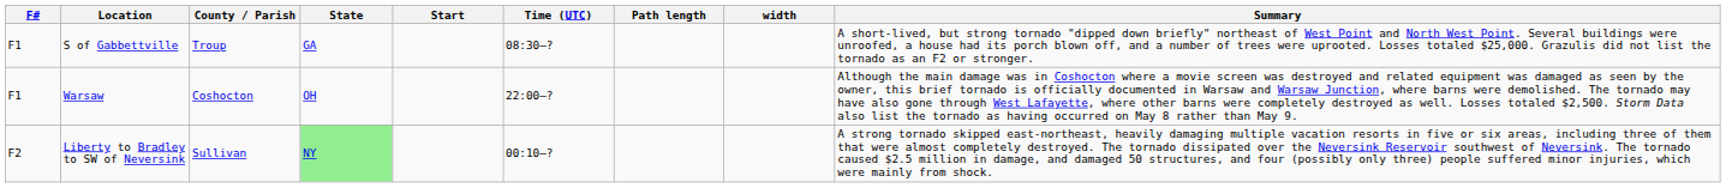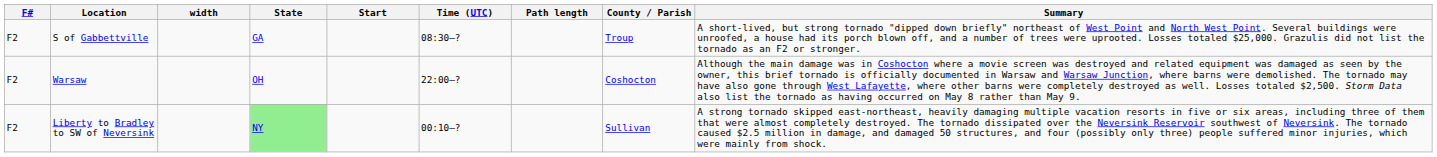 <table class="wikitable sortable" style="width:100%;">
 <tr>
 <th scope="col"  style="width:3%; text-align:center;"><a href='#'>F#</a></th>
 <th scope="col"  style="width:7%; text-align:center;" class="unsortable">Location</th>
-<th scope="col"  style="width:6%; text-align:center;" class="unsortable">County / Parish</th>
+<th scope="col"  style="width:6%; text-align:center;"> width</th>
 <th scope="col"  style="width:5%; text-align:center;">State</th>
 <th scope="col"  style="width:6%; text-align:center;">Start<br></th>
 <th scope="col"  style="width:6%; text-align:center;">Time (<a href='#'>UTC</a>)</th>
 <th scope="col"  style="width:6%; text-align:center;">Path length</th>
-<th scope="col"  style="width:6%; text-align:center;"> width</th>
+<th scope="col"  style="width:6%; text-align:center;" class="unsortable">County / Parish</th>
 <th scope="col" class="unsortable" style="width:48%; text-align:center;">Summary</th>
 </tr>
 <tr>
-<td>F1</td>
+<td>F2</td>
 <td>S of <a href='#'>Gabbettville</a></td>
-<td><a href='#'>Troup</a></td>
+<td></td>
 <td><a href='#'>GA</a></td>
 <td></td>
 <td>08:30–?</td>
 <td></td>
-<td></td>
+<td><a href='#'>Troup</a></td>
 <td>A short-lived, but strong tornado "dipped down briefly" northeast of <a href='#'>West Point</a> and <a href='#'>North West Point</a>. Several buildings were unroofed, a house had its porch blown off, and a number of trees were uprooted. Losses totaled $25,000. Grazulis did not list the tornado as an F2 or stronger.</td>
 </tr>
 <tr>
-<td>F1</td>
+<td>F2</td>
 <td><a href='#'>Warsaw</a></td>
-<td><a href='#'>Coshocton</a></td>
+<td></td>
 <td><a href='#'>OH</a></td>
 <td></td>
 <td>22:00–?</td>
 <td></td>
-<td></td>
+<td><a href='#'>Coshocton</a></td>
 <td>Although the main damage was in <a href='#'>Coshocton</a> where a movie screen was destroyed and related equipment was damaged as seen by the owner, this brief tornado is officially documented in Warsaw and <a href='#'>Warsaw Junction</a>, where barns were demolished. The tornado may have also gone through <a href='#'>West Lafayette</a>, where other barns were completely destroyed as well. Losses totaled $2,500. <em>Storm Data</em> also list the tornado as having occurred on May 8 rather than May 9.</td>
 </tr>
 <tr>
 <td>F2</td>
 <td><a href='#'>Liberty</a> to <a href='#'>Bradley</a> to SW of <a href='#'>Neversink</a></td>
-<td><a href='#'>Sullivan</a></td>
+<td></td>
 <td style="background: lightgreen;"><a href='#'>NY</a></td>
 <td></td>
 <td>00:10–?</td>
 <td></td>
-<td></td>
+<td><a href='#'>Sullivan</a></td>
 <td>A strong tornado skipped east-northeast, heavily damaging multiple vacation resorts in five or six areas, including three of them that were almost completely destroyed. The tornado dissipated over the <a href='#'>Neversink Reservoir</a> southwest of <a href='#'>Neversink</a>. The tornado caused $2.5 million in damage, and damaged 50 structures, and four (possibly only three) people suffered minor injuries, which were mainly from shock.</td>
 </tr>
 </table>
